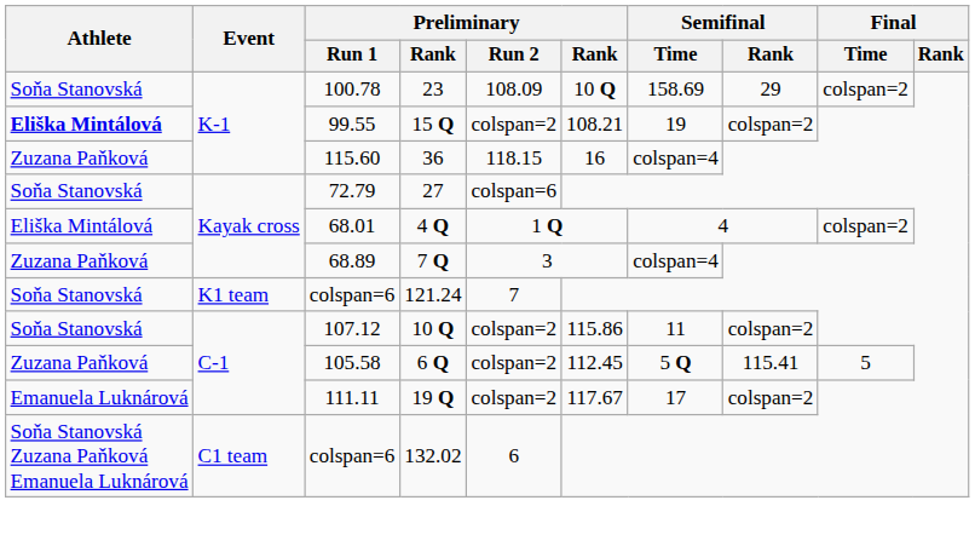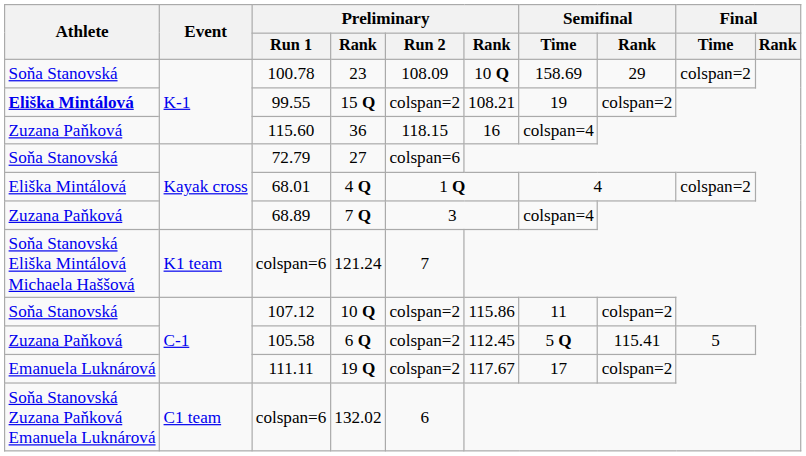 <table class=wikitable style=font-size:90%;text-align:center>
 <tr>
 <th rowspan=2>Athlete</th>
 <th rowspan=2>Event</th>
 <th colspan=4>Preliminary</th>
 <th colspan=2>Semifinal</th>
 <th colspan=2>Final</th>
 </tr>
 <tr style=font-size:95%>
 <th>Run 1</th>
 <th>Rank</th>
 <th>Run 2</th>
 <th>Rank</th>
 <th>Time</th>
 <th>Rank</th>
 <th>Time</th>
 <th>Rank</th>
 </tr>
 <tr>
 <td align=left><a href='#'>Soňa Stanovská</a></td>
 <td align=left rowspan=3><a href='#'>K-1</a></td>
 <td>100.78</td>
 <td>23</td>
 <td>108.09</td>
 <td>10 <strong>Q</strong></td>
 <td>158.69</td>
 <td>29</td>
 <td>colspan=2 </td>
 </tr>
 <tr>
 <td align=left><strong><a href='#'>Eliška Mintálová</a></strong></td>
 <td>99.55</td>
 <td>15 <strong>Q</strong></td>
 <td>colspan=2 </td>
 <td>108.21</td>
 <td>19</td>
 <td>colspan=2 </td>
 </tr>
 <tr>
 <td align=left><a href='#'>Zuzana Paňková</a></td>
 <td>115.60</td>
 <td>36</td>
 <td>118.15</td>
 <td>16</td>
 <td>colspan=4 </td>
 </tr>
 <tr>
 <td align=left><a href='#'>Soňa Stanovská</a></td>
 <td align=left rowspan=3><a href='#'>Kayak cross</a></td>
 <td>72.79</td>
 <td>27</td>
 <td>colspan=6 </td>
 </tr>
 <tr>
 <td align=left><a href='#'>Eliška Mintálová</a></td>
 <td>68.01</td>
 <td>4 <strong>Q</strong></td>
 <td colspan=2>1 <strong>Q</strong></td>
 <td colspan=2>4</td>
 <td>colspan=2 </td>
 </tr>
 <tr>
 <td align=left><a href='#'>Zuzana Paňková</a></td>
 <td>68.89</td>
 <td>7 <strong>Q</strong></td>
 <td colspan=2>3</td>
 <td>colspan=4 </td>
 </tr>
 <tr>
-<td align=left><a href='#'>Soňa Stanovská</a></td>
+<td align=left><a href='#'>Soňa Stanovská</a><br><a href='#'>Eliška Mintálová</a><br><a href='#'>Michaela Haššová</a></td>
 <td align=left><a href='#'>K1 team</a></td>
 <td>colspan=6 </td>
 <td>121.24</td>
 <td>7</td>
 </tr>
 <tr>
 <td align=left><a href='#'>Soňa Stanovská</a></td>
 <td align=left rowspan=3><a href='#'>C-1</a></td>
 <td>107.12</td>
 <td>10 <strong>Q</strong></td>
 <td>colspan=2 </td>
 <td>115.86</td>
 <td>11</td>
 <td>colspan=2 </td>
 </tr>
 <tr>
 <td align=left><a href='#'>Zuzana Paňková</a></td>
 <td>105.58</td>
 <td>6 <strong>Q</strong></td>
 <td>colspan=2 </td>
 <td>112.45</td>
 <td>5 <strong>Q</strong></td>
 <td>115.41</td>
 <td>5</td>
 </tr>
 <tr>
 <td align=left><a href='#'>Emanuela Luknárová</a></td>
 <td>111.11</td>
 <td>19 <strong>Q</strong></td>
 <td>colspan=2 </td>
 <td>117.67</td>
 <td>17</td>
 <td>colspan=2 </td>
 </tr>
 <tr>
 <td align=left><a href='#'>Soňa Stanovská</a><br><a href='#'>Zuzana Paňková</a><br><a href='#'>Emanuela Luknárová</a></td>
 <td align=left><a href='#'>C1 team</a></td>
 <td>colspan=6 </td>
 <td>132.02</td>
 <td>6</td>
 </tr>
 </table>
